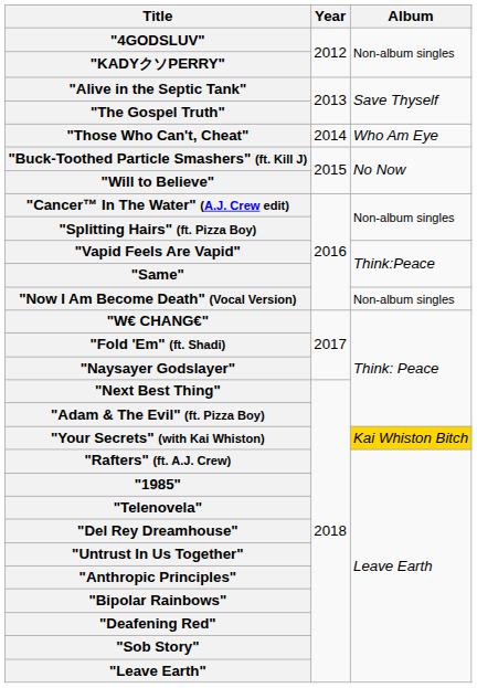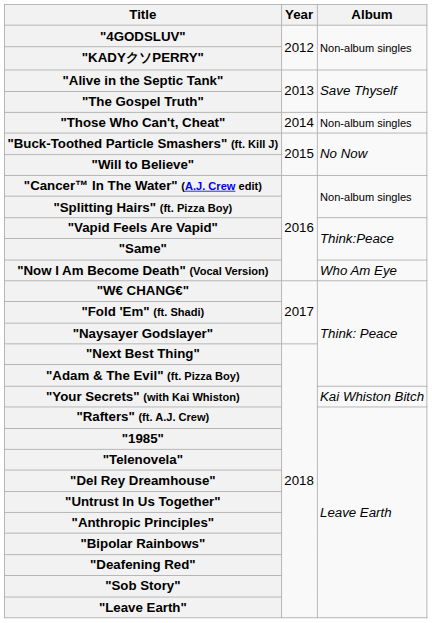 <table class="wikitable">
 <tr>
 <th>Title</th>
 <th>Year</th>
 <th>Album</th>
 </tr>
 <tr>
 <th scope="row">"4GODSLUV"</th>
 <td rowspan="2">2012</td>
 <td rowspan="2"><small>Non-album singles</small></td>
 </tr>
 <tr>
 <th scope="row">"KADYクソPERRY"</th>
 </tr>
 <tr>
 <th scope="row">"Alive in the Septic Tank"</th>
 <td rowspan="2">2013</td>
 <td rowspan="2"><em>Save Thyself</em></td>
 </tr>
 <tr>
 <th scope="row">"The Gospel Truth"</th>
 </tr>
 <tr>
 <th scope="row">"Those Who Can't, Cheat"</th>
 <td>2014</td>
-<td><em>Who Am Eye</em></td>
+<td><small>Non-album singles</small></td>
 </tr>
 <tr>
 <th scope="row">"Buck-Toothed Particle Smashers" <small>(ft. Kill J)</small></th>
 <td rowspan="2">2015</td>
 <td rowspan="2"><em>No Now</em></td>
 </tr>
 <tr>
 <th scope="row">"Will to Believe"</th>
 </tr>
 <tr>
 <th scope="row">"Cancer™ In The Water" <small>(<a href='#'>A.J. Crew</a> edit)</small></th>
 <td rowspan="5">2016</td>
 <td rowspan="2"><small>Non-album singles</small></td>
 </tr>
 <tr>
 <th scope="row">"Splitting Hairs" <small>(ft. Pizza Boy)</small></th>
 </tr>
 <tr>
 <th scope="row">"Vapid Feels Are Vapid"</th>
 <td rowspan="2"><em>Think:Peace</em></td>
 </tr>
 <tr>
 <th scope="row">"Same"</th>
 </tr>
 <tr>
 <th scope="row">"Now I Am Become Death" <small>(Vocal Version)</small></th>
-<td><small>Non-album singles</small></td>
+<td><em>Who Am Eye</em></td>
 </tr>
 <tr>
 <th scope="row">"W€ CHANG€"</th>
 <td rowspan="3">2017</td>
 <td rowspan="5"><em>Think: Peace</em></td>
 </tr>
 <tr>
 <th scope="row">"Fold 'Em" <small>(ft. Shadi)</small></th>
 </tr>
 <tr>
 <th scope="row">"Naysayer Godslayer"</th>
 </tr>
 <tr>
 <th scope="row">"Next Best Thing"</th>
 <td rowspan="13">2018</td>
 </tr>
 <tr>
 <th scope="row">"Adam & The Evil" <small>(ft. Pizza Boy)</small></th>
 </tr>
 <tr>
 <th scope="row">"Your Secrets" <small>(with Kai Whiston)</small></th>
-<td style="background: gold;"><em>Kai Whiston Bitch</em></td>
+<td><em>Kai Whiston Bitch</em></td>
 </tr>
 <tr>
 <th scope="row">"Rafters" <small>(ft. A.J. Crew)</small></th>
 <td rowspan="10"><em>Leave Earth</em></td>
 </tr>
 <tr>
 <th scope="row">"1985"</th>
 </tr>
 <tr>
 <th scope="row">"Telenovela"</th>
 </tr>
 <tr>
 <th scope="row">"Del Rey Dreamhouse"</th>
 </tr>
 <tr>
 <th scope="row">"Untrust In Us Together"</th>
 </tr>
 <tr>
 <th scope="row">"Anthropic Principles"</th>
 </tr>
 <tr>
 <th scope="row">"Bipolar Rainbows"</th>
 </tr>
 <tr>
 <th scope="row">"Deafening Red"</th>
 </tr>
 <tr>
 <th scope="row">"Sob Story"</th>
 </tr>
 <tr>
 <th scope="row">"Leave Earth"</th>
 </tr>
 </table>
